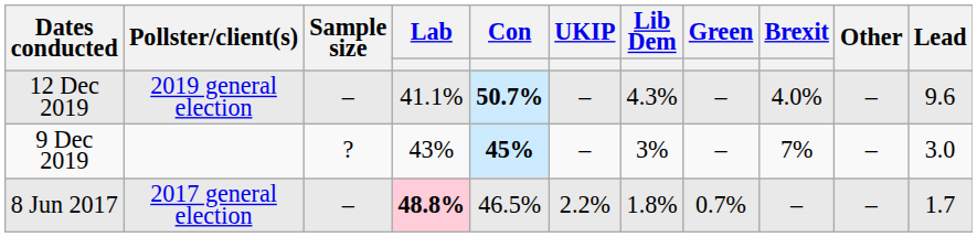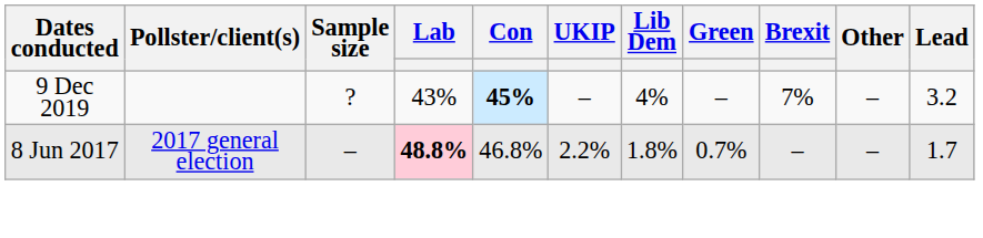 <table class="wikitable sortable mw-datatable" style="text-align:center;line-height:14px;">
 <tr>
 <th rowspan="2">Dates<br>conducted</th>
 <th rowspan="2">Pollster/client(s)</th>
 <th rowspan="2" data-sort-type="number">Sample<br>size</th>
 <th class="unsortable" style="width:50px;"><a href='#'>Lab</a></th>
 <th class="unsortable" style="width:50px;"><a href='#'>Con</a></th>
 <th class="unsortable" style="width:50px;"><a href='#'>UKIP</a></th>
 <th class="unsortable" style="width:50px;"><a href='#'>Lib Dem</a></th>
 <th class="unsortable" style="width:50px;"><a href='#'>Green</a></th>
 <th class="unsortable" style="width:50px;"><a href='#'>Brexit</a></th>
 <th rowspan="2" class="unsortable">Other</th>
 <th rowspan="2" data-sort-type="number">Lead</th>
 </tr>
 <tr>
 <th data-sort-type="number" style="background:"></th>
 <th data-sort-type="number" style="background:"></th>
 <th data-sort-type="number" style="background:"></th>
 <th data-sort-type="number" style="background:"></th>
 <th data-sort-type="number" style="background:"></th>
 <th data-sort-type="number" style="background:"></th>
 </tr>
-<tr style="background:#E9E9E9;">
-<td data-sort-value="2017-06-08">12 Dec 2019</td>
-<td><a href='#'>2019 general election</a></td>
-<td>–</td>
-<td>41.1%</td>
-<td style="background:#CCEBFF;"><strong>50.7%</strong></td>
-<td>–</td>
-<td>4.3%</td>
-<td>–</td>
-<td>4.0%</td>
-<td>–</td>
-<td style="background:">9.6</td>
-</tr>
 <tr>
 <td data-sort-value="2019-10-30">9 Dec 2019</td>
 <td></td>
 <td>?</td>
 <td>43%</td>
 <td style="background:#CCEBFF;"><strong>45%</strong></td>
 <td>–</td>
-<td>3%</td>
+<td>4%</td>
 <td>–</td>
 <td>7%</td>
 <td>–</td>
-<td style="background:">3.0</td>
+<td style="background:">3.2</td>
 </tr>
 <tr style="background:#E9E9E9;">
 <td data-sort-value="2017-06-08">8 Jun 2017</td>
 <td><a href='#'>2017 general election</a></td>
 <td>–</td>
 <td style="background:#FFCCD9;"><strong>48.8%</strong></td>
-<td>46.5%</td>
+<td>46.8%</td>
 <td>2.2%</td>
 <td>1.8%</td>
 <td>0.7%</td>
 <td>–</td>
 <td>–</td>
 <td style="background:">1.7</td>
 </tr>
 </table>
